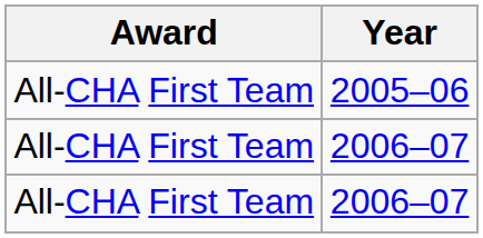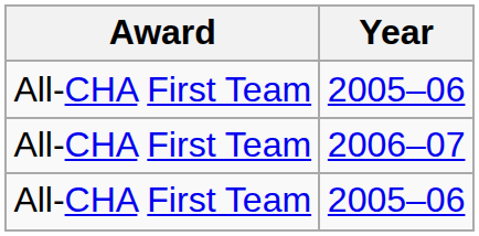 <table class="wikitable">
 <tr>
 <th>Award</th>
 <th>Year</th>
 </tr>
 <tr>
 <td>All-<a href='#'>CHA</a> <a href='#'>First Team</a></td>
 <td><a href='#'>2005–06</a></td>
 </tr>
 <tr>
 <td>All-<a href='#'>CHA</a> <a href='#'>First Team</a></td>
 <td><a href='#'>2006–07</a></td>
 </tr>
 <tr>
 <td>All-<a href='#'>CHA</a> <a href='#'>First Team</a></td>
-<td><a href='#'>2006–07</a></td>
+<td><a href='#'>2005–06</a></td>
 </tr>
 </table>
